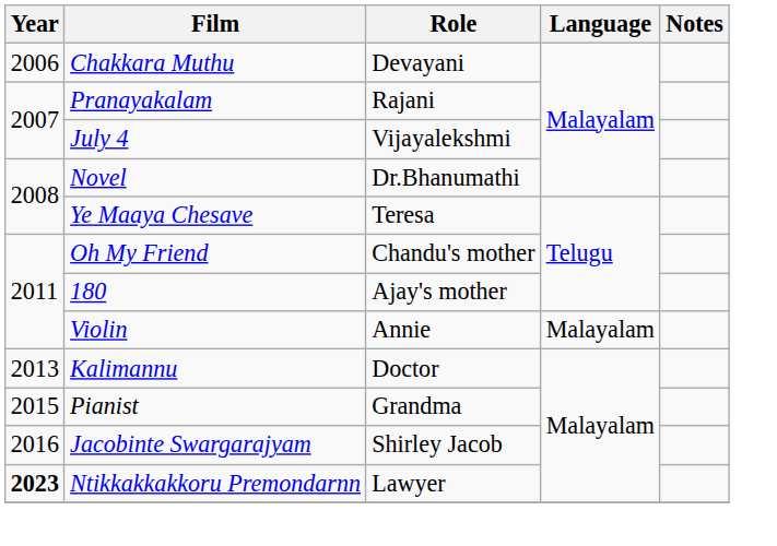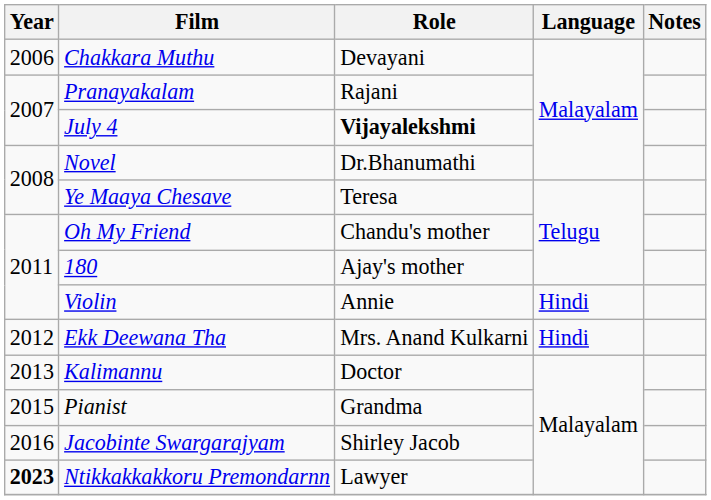 <table class="wikitable sortable">
 <tr>
 <th>Year</th>
 <th>Film</th>
 <th>Role</th>
 <th>Language</th>
 <th class="unsortable">Notes</th>
 </tr>
 <tr>
 <td>2006</td>
 <td><em><a href='#'>Chakkara Muthu</a></em></td>
 <td>Devayani</td>
 <td rowspan="4"><a href='#'>Malayalam</a></td>
 <td></td>
 </tr>
 <tr>
 <td rowspan="2">2007</td>
 <td><em><a href='#'>Pranayakalam</a></em></td>
 <td>Rajani</td>
 <td></td>
 </tr>
 <tr>
 <td><em><a href='#'>July 4</a></em></td>
-<td>Vijayalekshmi</td>
+<td><strong>Vijayalekshmi</strong></td>
 <td></td>
 </tr>
 <tr>
 <td rowspan="2">2008</td>
 <td><em><a href='#'>Novel</a></em></td>
 <td>Dr.Bhanumathi</td>
 <td></td>
 </tr>
 <tr>
 <td><em><a href='#'>Ye Maaya Chesave</a></em></td>
 <td>Teresa</td>
 <td rowspan="3"><a href='#'>Telugu</a></td>
 <td></td>
 </tr>
 <tr>
 <td rowspan="3">2011</td>
 <td><em><a href='#'>Oh My Friend</a></em></td>
 <td>Chandu's mother</td>
 <td></td>
 </tr>
 <tr>
 <td><em><a href='#'>180</a></em></td>
 <td>Ajay's mother</td>
 <td></td>
 </tr>
 <tr>
 <td><em><a href='#'>Violin</a></em></td>
 <td>Annie</td>
-<td>Malayalam</td>
+<td><a href='#'>Hindi</a></td>
+<td></td>
+</tr>
+<tr>
+<td>2012</td>
+<td><em><a href='#'>Ekk Deewana Tha</a></em></td>
+<td>Mrs. Anand Kulkarni</td>
+<td><a href='#'>Hindi</a></td>
 <td></td>
 </tr>
 <tr>
 <td>2013</td>
 <td><em><a href='#'>Kalimannu</a></em></td>
 <td>Doctor</td>
 <td rowspan="4">Malayalam</td>
 <td></td>
 </tr>
 <tr>
 <td>2015</td>
 <td><em>Pianist</em></td>
 <td>Grandma</td>
 <td></td>
 </tr>
 <tr>
 <td>2016</td>
 <td><em><a href='#'>Jacobinte Swargarajyam</a></em></td>
 <td>Shirley Jacob</td>
 <td></td>
 </tr>
 <tr>
 <td><strong>2023</strong></td>
 <td><em><a href='#'>Ntikkakkakkoru Premondarnn</a></em></td>
 <td>Lawyer</td>
 <td></td>
 </tr>
 <tr>
 </tr>
 </table>
